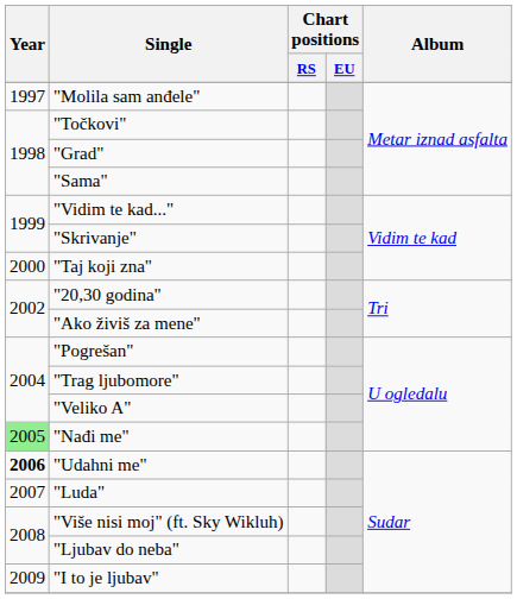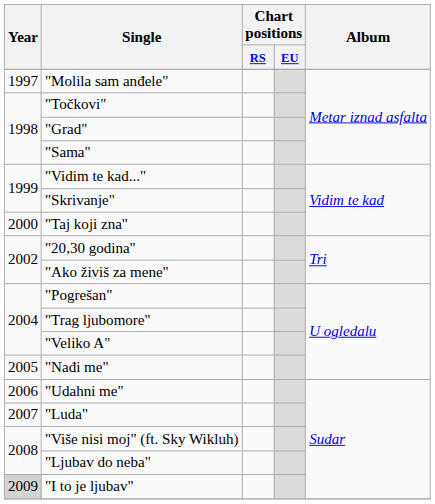 <table class="wikitable">
 <tr>
 <th rowspan="2">Year</th>
 <th rowspan="2">Single</th>
 <th colspan="2">Chart positions</th>
 <th rowspan="2">Album</th>
 </tr>
 <tr>
 <th width="20"><small><a href='#'>RS</a></small></th>
 <th width="20"><small><a href='#'>EU</a></small></th>
 </tr>
 <tr>
 </tr>
 <tr>
 <td rowspan="1">1997</td>
 <td>"Molila sam anđele"</td>
 <td align="center"></td>
 <td align="center" bgcolor="#DCDCDC"></td>
 <td align="left" rowspan="4"><em><a href='#'>Metar iznad asfalta</a></em></td>
 </tr>
 <tr>
 <td rowspan="3">1998</td>
 <td>"Točkovi"</td>
 <td align="center"></td>
 <td align="center" bgcolor="#DCDCDC"></td>
 </tr>
 <tr>
 <td>"Grad"</td>
 <td align="center"></td>
 <td align="center" bgcolor="#DCDCDC"></td>
 </tr>
 <tr>
 <td>"Sama"</td>
 <td align="center"></td>
 <td align="center" bgcolor="#DCDCDC"></td>
 </tr>
 <tr>
 <td rowspan="2">1999</td>
 <td>"Vidim te kad..."</td>
 <td align="center"></td>
 <td align="center" bgcolor="#DCDCDC"></td>
 <td align="left" rowspan="3"><em><a href='#'>Vidim te kad</a></em></td>
 </tr>
 <tr>
 <td>"Skrivanje"</td>
 <td align="center"></td>
 <td align="center" bgcolor="#DCDCDC"></td>
 </tr>
 <tr>
 <td rowspan="1">2000</td>
 <td>"Taj koji zna"</td>
 <td align="center"></td>
 <td align="center" bgcolor="#DCDCDC"></td>
 </tr>
 <tr>
 <td rowspan="2">2002</td>
 <td>"20,30 godina"</td>
 <td align="center"></td>
 <td align="center" bgcolor="#DCDCDC"></td>
 <td align="left" rowspan="2"><em><a href='#'>Tri</a></em></td>
 </tr>
 <tr>
 <td>"Ako živiš za mene"</td>
 <td align="center"></td>
 <td align="center" bgcolor="#DCDCDC"></td>
 </tr>
 <tr>
 <td rowspan="3">2004</td>
 <td>"Pogrešan"</td>
 <td align="center"></td>
 <td align="center" bgcolor="#DCDCDC"></td>
 <td align="left" rowspan="4"><em><a href='#'>U ogledalu</a></em></td>
 </tr>
 <tr>
 <td>"Trag ljubomore"</td>
 <td align="center"></td>
 <td align="center" bgcolor="#DCDCDC"></td>
 </tr>
 <tr>
 <td>"Veliko A"</td>
 <td align="center"></td>
 <td align="center" bgcolor="#DCDCDC"></td>
 </tr>
 <tr>
-<td rowspan="1" style="background: lightgreen;">2005</td>
+<td rowspan="1">2005</td>
 <td>"Nađi me"</td>
 <td align="center"></td>
 <td align="center" bgcolor="#DCDCDC"></td>
 </tr>
 <tr>
-<td rowspan="1"><strong>2006</strong></td>
+<td rowspan="1">2006</td>
 <td>"Udahni me"</td>
 <td align="center"></td>
 <td align="center" bgcolor="#DCDCDC"></td>
 <td align="left" rowspan="5"><em><a href='#'>Sudar</a></em></td>
 </tr>
 <tr>
 <td rowspan="1">2007</td>
 <td>"Luda"</td>
 <td align="center"></td>
 <td align="center" bgcolor="#DCDCDC"></td>
 </tr>
 <tr>
 <td rowspan="2">2008</td>
 <td>"Više nisi moj" (ft. Sky Wikluh)</td>
 <td align="center"></td>
 <td align="center" bgcolor="#DCDCDC"></td>
 </tr>
 <tr>
 <td>"Ljubav do neba"</td>
 <td align="center"></td>
 <td align="center" bgcolor="#DCDCDC"></td>
 </tr>
 <tr>
-<td rowspan="1">2009</td>
+<td rowspan="1" style="background: lightgrey;">2009</td>
 <td>"I to je ljubav"</td>
 <td align="center"></td>
 <td align="center" bgcolor="#DCDCDC"></td>
 </tr>
 <tr>
 </tr>
 </table>
